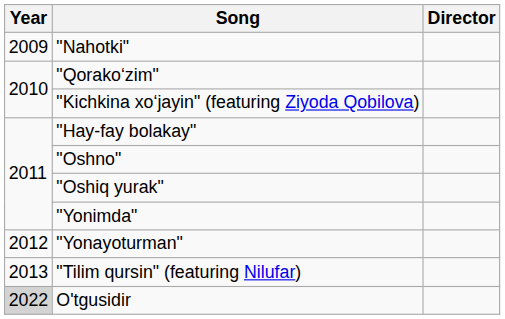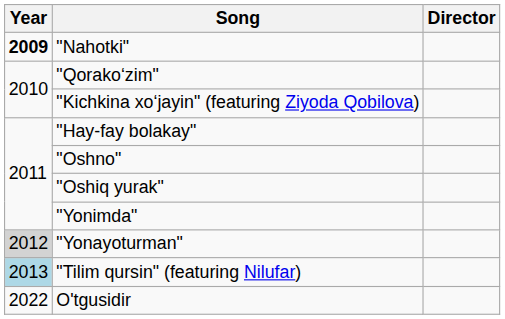 <table class="wikitable" style="text-align:left;">
 <tr>
 <th>Year</th>
 <th>Song</th>
 <th>Director</th>
 </tr>
 <tr>
-<td rowspan="1">2009</td>
+<td rowspan="1"><strong>2009</strong></td>
 <td>"Nahotki"</td>
 <td></td>
 </tr>
 <tr>
 <td rowspan="2">2010</td>
 <td>"Qorakoʻzim"</td>
 <td></td>
 </tr>
 <tr>
 <td>"Kichkina xoʻjayin" (featuring <a href='#'>Ziyoda Qobilova</a>)</td>
 <td></td>
 </tr>
 <tr>
 <td rowspan="4">2011</td>
 <td>"Hay-fay bolakay"</td>
 <td></td>
 </tr>
 <tr>
 <td>"Oshno"</td>
 <td></td>
 </tr>
 <tr>
 <td>"Oshiq yurak"</td>
 <td></td>
 </tr>
 <tr>
 <td>"Yonimda"</td>
 <td></td>
 </tr>
 <tr>
-<td rowspan="1">2012</td>
+<td rowspan="1" style="background: lightgrey;">2012</td>
 <td>"Yonayoturman"</td>
 <td></td>
 </tr>
 <tr>
-<td rowspan="1">2013</td>
+<td rowspan="1" style="background: lightblue;">2013</td>
 <td>"Tilim qursin" (featuring <a href='#'>Nilufar</a>)</td>
 <td></td>
 </tr>
 <tr>
-<td style="background: lightgrey;">2022</td>
+<td>2022</td>
 <td>O'tgusidir</td>
 <td></td>
 </tr>
 </table>
